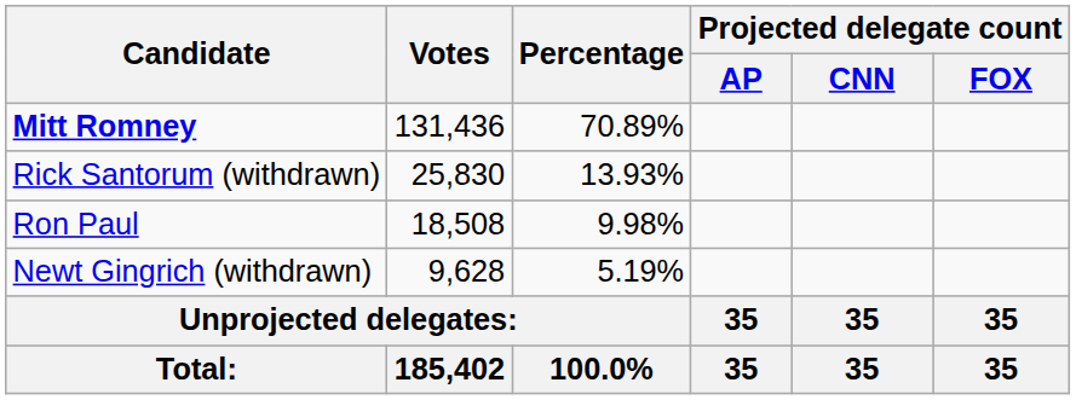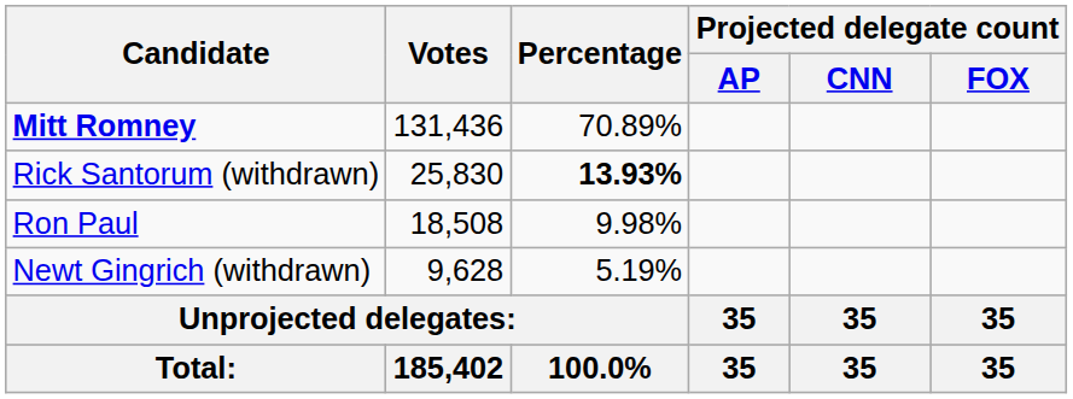 <table class="wikitable" style="text-align:right;">
 <tr>
 <th rowspan="2">Candidate</th>
 <th rowspan="2">Votes</th>
 <th rowspan="2">Percentage</th>
 <th colspan="3">Projected delegate count</th>
 </tr>
 <tr>
 <th><a href='#'>AP</a></th>
 <th><a href='#'>CNN</a><br></th>
 <th><a href='#'>FOX</a><br></th>
 </tr>
 <tr>
 <td style="text-align:left;"> <strong><a href='#'>Mitt Romney</a></strong></td>
 <td>131,436</td>
 <td>70.89%</td>
 <td></td>
 <td></td>
 <td></td>
 </tr>
 <tr>
 <td style="text-align:left;"><a href='#'>Rick Santorum</a> (withdrawn)</td>
 <td>25,830</td>
-<td>13.93%</td>
+<td><strong>13.93%</strong></td>
 <td></td>
 <td></td>
 <td></td>
 </tr>
 <tr>
 <td style="text-align:left;"><a href='#'>Ron Paul</a></td>
 <td>18,508</td>
 <td>9.98%</td>
 <td></td>
 <td></td>
 <td></td>
 </tr>
 <tr>
 <td style="text-align:left;"><a href='#'>Newt Gingrich</a> (withdrawn)</td>
 <td>9,628</td>
 <td>5.19%</td>
 <td></td>
 <td></td>
 <td></td>
 </tr>
 <tr style="background:#eee;">
 <th colspan="3">Unprojected delegates:</th>
 <th>35</th>
 <th>35</th>
 <th>35</th>
 </tr>
 <tr style="background:#eee;">
 <th>Total:</th>
 <th>185,402</th>
 <th>100.0%</th>
 <th>35</th>
 <th>35</th>
 <th>35</th>
 </tr>
 </table>
